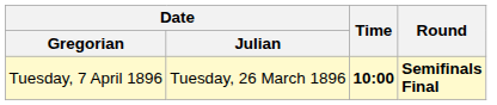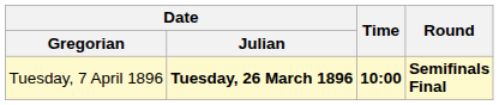 <table class="wikitable">
 <tr>
 <th colspan=2>Date</th>
 <th rowspan=2>Time</th>
 <th rowspan=2>Round</th>
 </tr>
 <tr>
 <th>Gregorian</th>
 <th>Julian</th>
 </tr>
 <tr style=background:lemonchiffon>
 <td>Tuesday, 7 April 1896</td>
-<td>Tuesday, 26 March 1896</td>
+<td><strong>Tuesday, 26 March 1896</strong></td>
 <td><strong>10:00</strong></td>
 <td><strong>Semifinals</strong><br><strong>Final</strong></td>
 </tr>
 </table>
